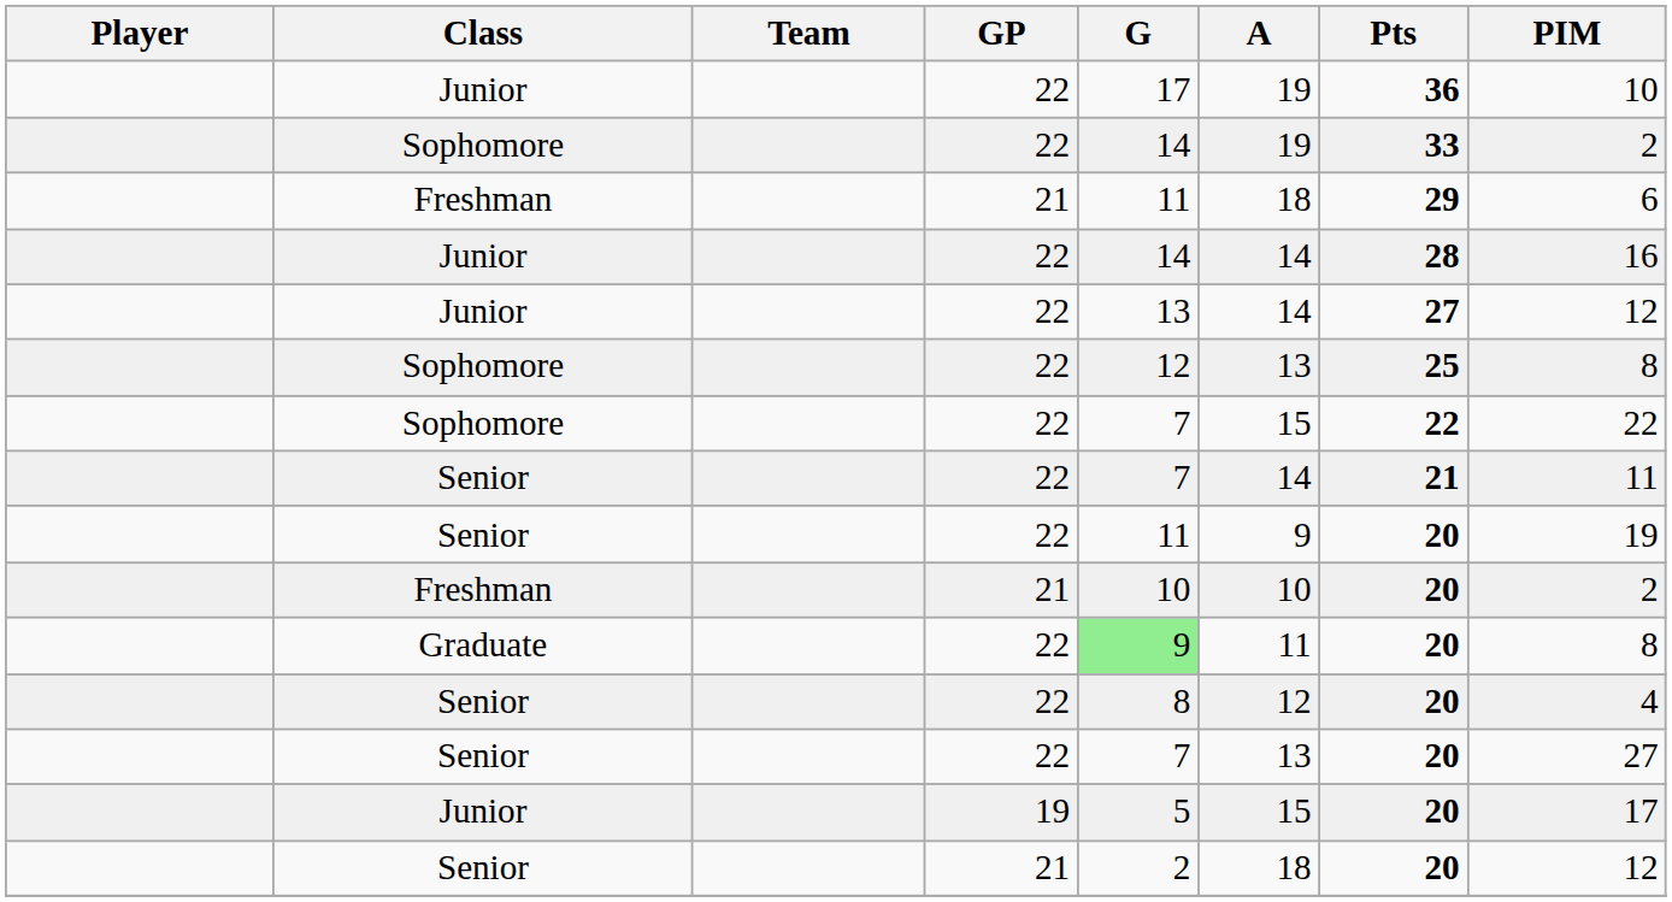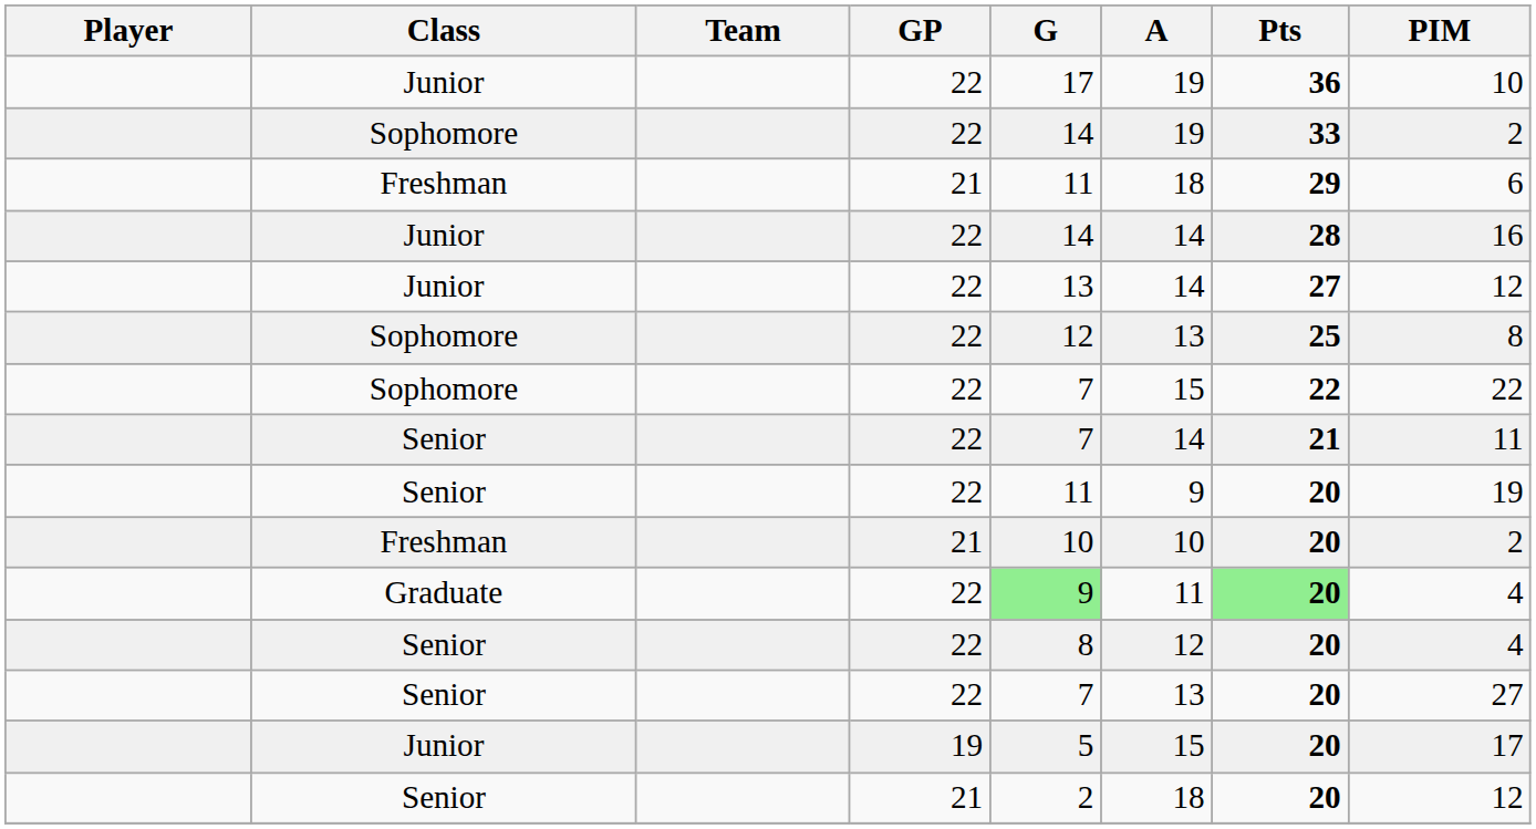 <table class="wikitable sortable" style="text-align: center; "width=60%">
 <tr>
 <th>Player</th>
 <th>Class</th>
 <th>Team</th>
 <th>GP</th>
 <th>G</th>
 <th>A</th>
 <th>Pts</th>
 <th>PIM</th>
 </tr>
 <tr>
 <td align=left></td>
 <td>Junior</td>
 <td><strong><a href='#'></a></strong></td>
 <td align=right>22</td>
 <td align=right>17</td>
 <td align=right>19</td>
 <td align=right><strong>36</strong></td>
 <td align=right>10</td>
 </tr>
 <tr bgcolor=f0f0f0>
 <td align=left></td>
 <td>Sophomore</td>
 <td><strong><a href='#'></a></strong></td>
 <td align=right>22</td>
 <td align=right>14</td>
 <td align=right>19</td>
 <td align=right><strong>33</strong></td>
 <td align=right>2</td>
 </tr>
 <tr>
 <td align=left></td>
 <td>Freshman</td>
 <td><strong><a href='#'></a></strong></td>
 <td align=right>21</td>
 <td align=right>11</td>
 <td align=right>18</td>
 <td align=right><strong>29</strong></td>
 <td align=right>6</td>
 </tr>
 <tr bgcolor=f0f0f0>
 <td align=left></td>
 <td>Junior</td>
 <td><strong><a href='#'></a></strong></td>
 <td align=right>22</td>
 <td align=right>14</td>
 <td align=right>14</td>
 <td align=right><strong>28</strong></td>
 <td align=right>16</td>
 </tr>
 <tr>
 <td align=left></td>
 <td>Junior</td>
 <td><strong><a href='#'></a></strong></td>
 <td align=right>22</td>
 <td align=right>13</td>
 <td align=right>14</td>
 <td align=right><strong>27</strong></td>
 <td align=right>12</td>
 </tr>
 <tr bgcolor=f0f0f0>
 <td align=left></td>
 <td>Sophomore</td>
 <td><strong><a href='#'></a></strong></td>
 <td align=right>22</td>
 <td align=right>12</td>
 <td align=right>13</td>
 <td align=right><strong>25</strong></td>
 <td align=right>8</td>
 </tr>
 <tr>
 <td align=left></td>
 <td>Sophomore</td>
 <td><strong><a href='#'></a></strong></td>
 <td align=right>22</td>
 <td align=right>7</td>
 <td align=right>15</td>
 <td align=right><strong>22</strong></td>
 <td align=right>22</td>
 </tr>
 <tr bgcolor=f0f0f0>
 <td align=left></td>
 <td>Senior</td>
 <td><strong><a href='#'></a></strong></td>
 <td align=right>22</td>
 <td align=right>7</td>
 <td align=right>14</td>
 <td align=right><strong>21</strong></td>
 <td align=right>11</td>
 </tr>
 <tr>
 <td align=left></td>
 <td>Senior</td>
 <td><strong><a href='#'></a></strong></td>
 <td align=right>22</td>
 <td align=right>11</td>
 <td align=right>9</td>
 <td align=right><strong>20</strong></td>
 <td align=right>19</td>
 </tr>
 <tr bgcolor=f0f0f0>
 <td align=left></td>
 <td>Freshman</td>
 <td><strong><a href='#'></a></strong></td>
 <td align=right>21</td>
 <td align=right>10</td>
 <td align=right>10</td>
 <td align=right><strong>20</strong></td>
 <td align=right>2</td>
 </tr>
 <tr>
 <td align=left></td>
 <td>Graduate</td>
 <td><strong><a href='#'></a></strong></td>
 <td align=right>22</td>
 <td align=right style="background: lightgreen;">9</td>
 <td align=right>11</td>
-<td align=right><strong>20</strong></td>
-<td align=right>8</td>
+<td align=right style="background: lightgreen;"><strong>20</strong></td>
+<td align=right>4</td>
 </tr>
 <tr bgcolor=f0f0f0>
 <td align=left></td>
 <td>Senior</td>
 <td><strong><a href='#'></a></strong></td>
 <td align=right>22</td>
 <td align=right>8</td>
 <td align=right>12</td>
 <td align=right><strong>20</strong></td>
 <td align=right>4</td>
 </tr>
 <tr>
 <td align=left></td>
 <td>Senior</td>
 <td><strong><a href='#'></a></strong></td>
 <td align=right>22</td>
 <td align=right>7</td>
 <td align=right>13</td>
 <td align=right><strong>20</strong></td>
 <td align=right>27</td>
 </tr>
 <tr bgcolor=f0f0f0>
 <td align=left></td>
 <td>Junior</td>
 <td><strong><a href='#'></a></strong></td>
 <td align=right>19</td>
 <td align=right>5</td>
 <td align=right>15</td>
 <td align=right><strong>20</strong></td>
 <td align=right>17</td>
 </tr>
 <tr>
 <td align=left></td>
 <td>Senior</td>
 <td><strong><a href='#'></a></strong></td>
 <td align=right>21</td>
 <td align=right>2</td>
 <td align=right>18</td>
 <td align=right><strong>20</strong></td>
 <td align=right>12</td>
 </tr>
 <tr>
 </tr>
 </table>
